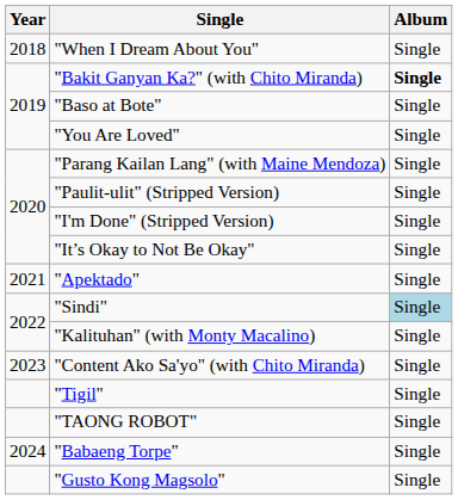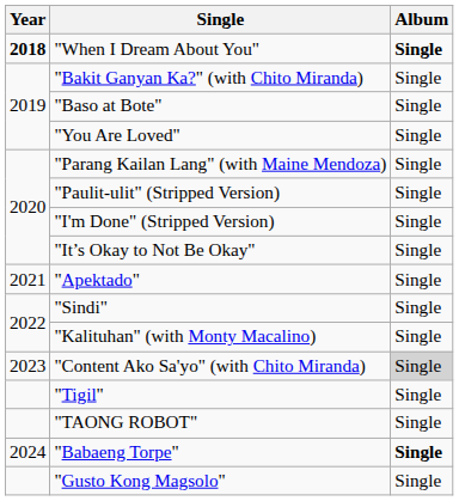 <table class="wikitable">
 <tr>
 <th>Year</th>
 <th>Single</th>
 <th>Album</th>
 </tr>
 <tr>
-<td>2018</td>
+<td><strong>2018</strong></td>
 <td>"When I Dream About You"</td>
-<td>Single</td>
+<td><strong>Single</strong></td>
 </tr>
 <tr>
 <td rowspan="3">2019</td>
 <td>"<a href='#'>Bakit Ganyan Ka?</a>" (with <a href='#'>Chito Miranda</a>)</td>
-<td><strong>Single</strong></td>
+<td>Single</td>
 </tr>
 <tr>
 <td>"Baso at Bote"</td>
 <td>Single</td>
 </tr>
 <tr>
 <td>"You Are Loved"</td>
 <td>Single</td>
 </tr>
 <tr>
 <td rowspan="4">2020</td>
 <td>"Parang Kailan Lang" (with <a href='#'>Maine Mendoza</a>)</td>
 <td>Single</td>
 </tr>
 <tr>
 <td>"Paulit-ulit" (Stripped Version)</td>
 <td>Single</td>
 </tr>
 <tr>
 <td>"I'm Done" (Stripped Version)</td>
 <td>Single</td>
 </tr>
 <tr>
 <td>"It’s Okay to Not Be Okay"</td>
 <td>Single</td>
 </tr>
 <tr>
 <td>2021</td>
 <td>"<a href='#'>Apektado</a>"</td>
 <td>Single</td>
 </tr>
 <tr>
 <td rowspan="2">2022</td>
 <td>"Sindi"</td>
-<td style="background: lightblue;">Single</td>
+<td>Single</td>
 </tr>
 <tr>
 <td>"Kalituhan" (with <a href='#'>Monty Macalino</a>)</td>
 <td>Single</td>
 </tr>
 <tr>
 <td>2023</td>
 <td>"Content Ako Sa'yo" (with <a href='#'>Chito Miranda</a>)</td>
-<td>Single</td>
+<td style="background: lightgrey;">Single</td>
 </tr>
 <tr>
 <td></td>
 <td>"<a href='#'>Tigil</a>"</td>
 <td>Single</td>
 </tr>
 <tr>
 <td></td>
 <td>"TAONG ROBOT"</td>
 <td>Single</td>
 </tr>
 <tr>
 <td>2024</td>
 <td>"<a href='#'>Babaeng Torpe</a>"</td>
-<td>Single</td>
+<td><strong>Single</strong></td>
 </tr>
 <tr>
 <td></td>
 <td>"<a href='#'>Gusto Kong Magsolo</a>"</td>
 <td>Single</td>
 </tr>
 </table>
